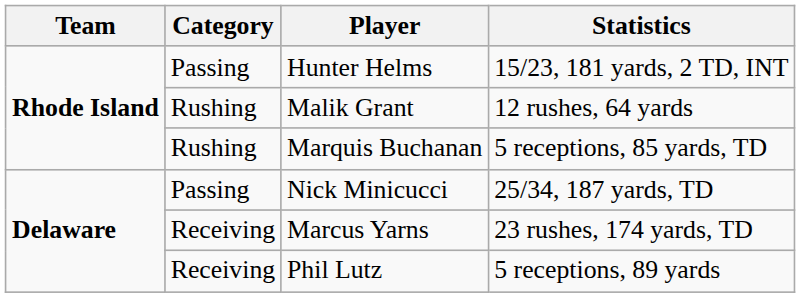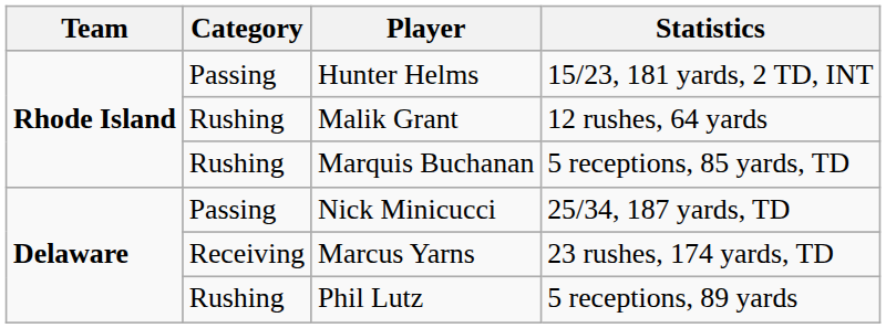 <table class="wikitable" style="float: right;">
 <tr>
 <th>Team</th>
 <th>Category</th>
 <th>Player</th>
 <th>Statistics</th>
 </tr>
 <tr>
 <td rowspan=3><strong>Rhode Island</strong></td>
 <td>Passing</td>
 <td>Hunter Helms</td>
 <td>15/23, 181 yards, 2 TD, INT</td>
 </tr>
 <tr>
 <td>Rushing</td>
 <td>Malik Grant</td>
 <td>12 rushes, 64 yards</td>
 </tr>
 <tr>
 <td>Rushing</td>
 <td>Marquis Buchanan</td>
 <td>5 receptions, 85 yards, TD</td>
 </tr>
 <tr>
 <td rowspan=3><strong>Delaware</strong></td>
 <td>Passing</td>
 <td>Nick Minicucci</td>
 <td>25/34, 187 yards, TD</td>
 </tr>
 <tr>
 <td>Receiving</td>
 <td>Marcus Yarns</td>
 <td>23 rushes, 174 yards, TD</td>
 </tr>
 <tr>
-<td>Receiving</td>
+<td>Rushing</td>
 <td>Phil Lutz</td>
 <td>5 receptions, 89 yards</td>
 </tr>
 </table>
